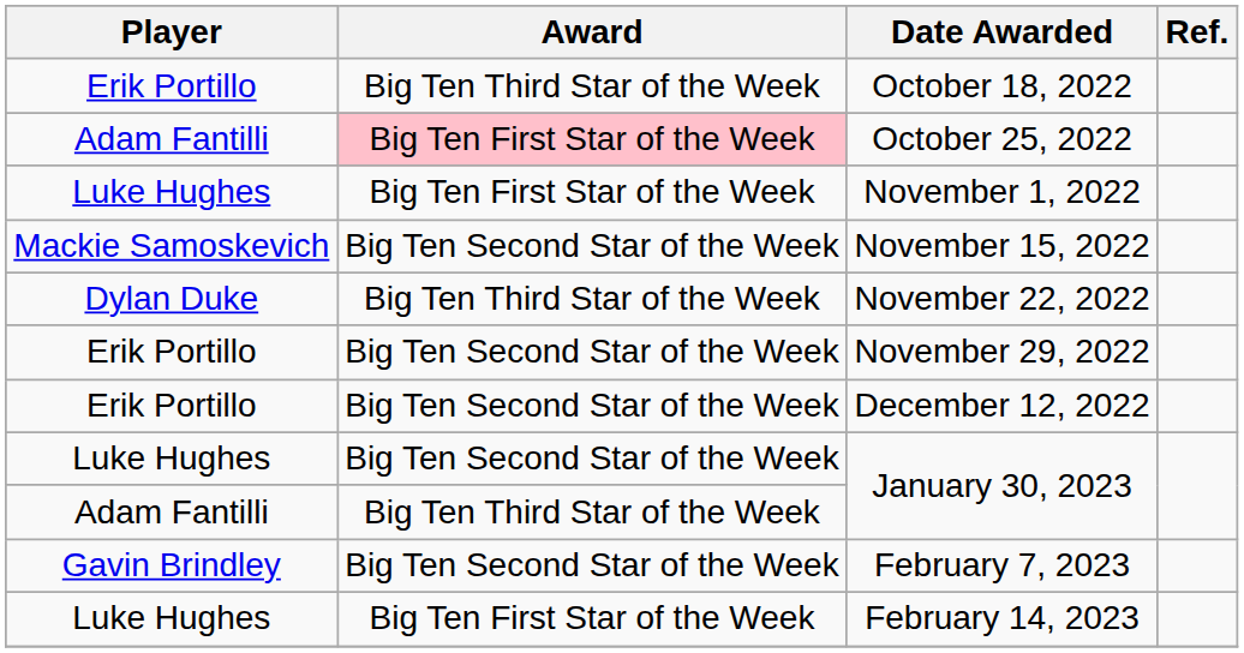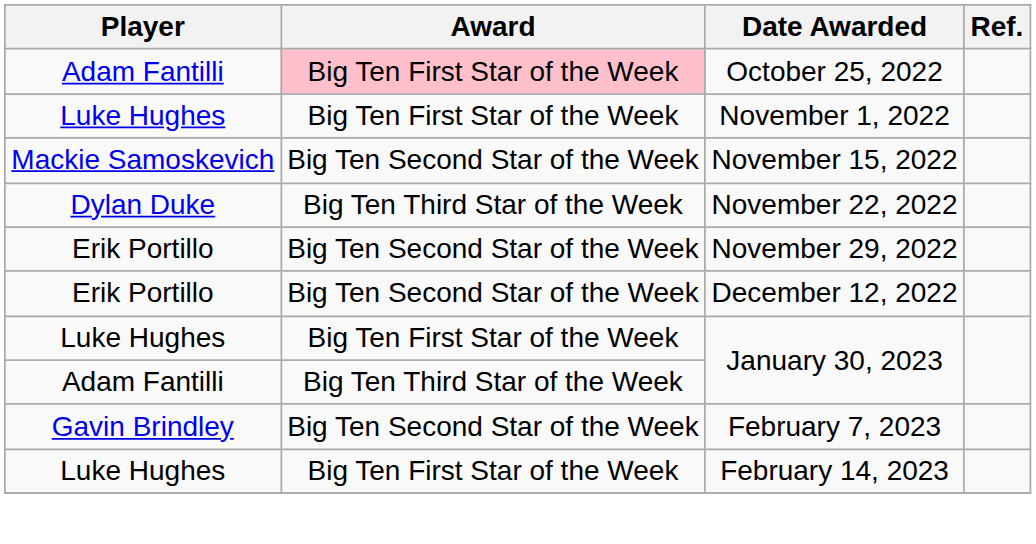 <table class="wikitable sortable sortable" style="text-align: center">
 <tr align=center>
 <th>Player</th>
 <th>Award</th>
 <th>Date Awarded</th>
 <th>Ref.</th>
-</tr>
-<tr>
-<td><a href='#'>Erik Portillo</a></td>
-<td>Big Ten Third Star of the Week</td>
-<td>October 18, 2022</td>
-<td></td>
 </tr>
 <tr>
 <td><a href='#'>Adam Fantilli</a></td>
 <td style="background: pink;">Big Ten First Star of the Week</td>
 <td>October 25, 2022</td>
 <td></td>
 </tr>
 <tr>
 <td><a href='#'>Luke Hughes</a></td>
 <td>Big Ten First Star of the Week</td>
 <td>November 1, 2022</td>
 <td></td>
 </tr>
 <tr>
 <td><a href='#'>Mackie Samoskevich</a></td>
 <td>Big Ten Second Star of the Week</td>
 <td>November 15, 2022</td>
 <td></td>
 </tr>
 <tr>
 <td><a href='#'>Dylan Duke</a></td>
 <td>Big Ten Third Star of the Week</td>
 <td>November 22, 2022</td>
 <td></td>
 </tr>
 <tr>
 <td>Erik Portillo</td>
 <td>Big Ten Second Star of the Week</td>
 <td>November 29, 2022</td>
 <td></td>
 </tr>
 <tr>
 <td>Erik Portillo</td>
 <td>Big Ten Second Star of the Week</td>
 <td>December 12, 2022</td>
 <td></td>
 </tr>
 <tr>
 <td>Luke Hughes</td>
-<td>Big Ten Second Star of the Week</td>
+<td>Big Ten First Star of the Week</td>
 <td rowspan="2">January 30, 2023</td>
 <td rowspan="2"></td>
 </tr>
 <tr>
 <td>Adam Fantilli</td>
 <td>Big Ten Third Star of the Week</td>
 </tr>
 <tr>
 <td><a href='#'>Gavin Brindley</a></td>
 <td>Big Ten Second Star of the Week</td>
 <td>February 7, 2023</td>
 <td></td>
 </tr>
 <tr>
 <td>Luke Hughes</td>
 <td>Big Ten First Star of the Week</td>
 <td>February 14, 2023</td>
 <td></td>
 </tr>
 <tr>
 </tr>
 </table>
